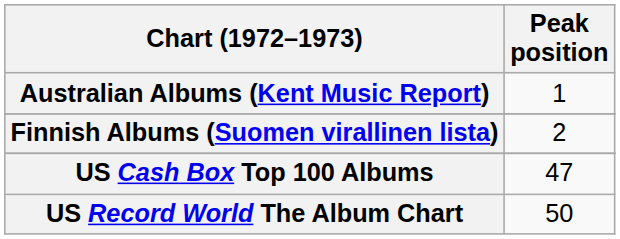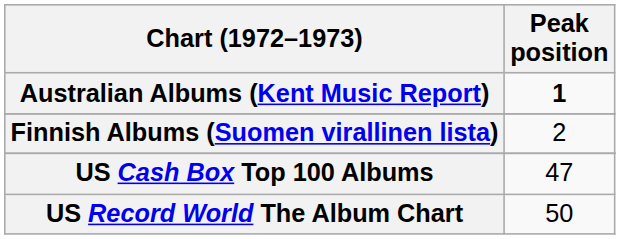 <table class="wikitable sortable plainrowheaders" style="text-align:center">
 <tr>
 <th scope="col">Chart (1972–1973)</th>
 <th scope="col">Peak<br>position</th>
 </tr>
 <tr>
 <th scope="row">Australian Albums (<a href='#'>Kent Music Report</a>)</th>
-<td>1</td>
+<td><strong>1</strong></td>
 </tr>
 <tr>
 </tr>
 <tr>
 </tr>
 <tr>
 <th scope="row">Finnish Albums (<a href='#'>Suomen virallinen lista</a>)</th>
 <td>2</td>
 </tr>
 <tr>
 </tr>
 <tr>
 </tr>
 <tr>
 </tr>
 <tr>
 </tr>
 <tr>
 </tr>
 <tr>
 <th scope="row">US <em><a href='#'>Cash Box</a></em> Top 100 Albums</th>
 <td>47</td>
 </tr>
 <tr>
 <th scope="row">US <em><a href='#'>Record World</a></em> The Album Chart</th>
 <td>50</td>
 </tr>
 </table>
